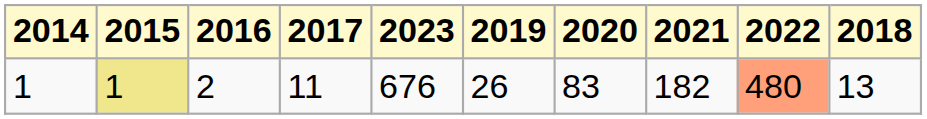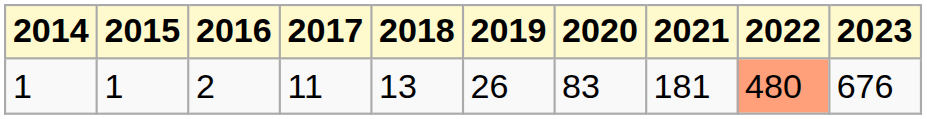 <table class="wikitable">
 <tr align="center" style="background:#fffacd;">
 <td><strong>2014</strong></td>
 <td><strong>2015</strong></td>
 <td><strong>2016</strong></td>
 <td><strong>2017</strong></td>
-<td><strong>2023</strong></td>
+<td><strong>2018</strong></td>
 <td><strong>2019</strong></td>
 <td><strong>2020</strong></td>
 <td><strong>2021</strong></td>
 <td><strong>2022</strong></td>
-<td><strong>2018</strong></td>
+<td><strong>2023</strong></td>
 </tr>
 <tr>
 <td>1</td>
-<td style="background: khaki;">1</td>
+<td>1</td>
 <td>2</td>
 <td>11</td>
-<td>676</td>
+<td>13</td>
 <td>26</td>
 <td>83</td>
-<td>182</td>
+<td>181</td>
 <td style="background: lightsalmon;">480</td>
-<td>13</td>
+<td>676</td>
 </tr>
 </table>
